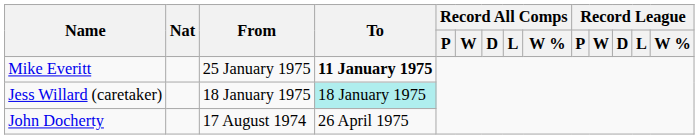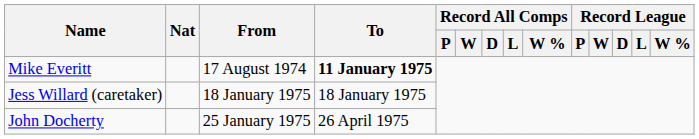 <table style="text-align: center" class="wikitable">
 <tr>
 <th rowspan="2">Name</th>
 <th rowspan="2">Nat</th>
 <th rowspan="2">From</th>
 <th rowspan="2">To</th>
 <th colspan="5">Record All Comps</th>
 <th colspan="5">Record League</th>
 </tr>
 <tr>
 <th>P</th>
 <th>W</th>
 <th>D</th>
 <th>L</th>
 <th>W %</th>
 <th>P</th>
 <th>W</th>
 <th>D</th>
 <th>L</th>
 <th>W %</th>
 </tr>
 <tr>
 <td style="text-align:left;"><a href='#'>Mike Everitt</a></td>
 <td></td>
-<td style="text-align:left;">25 January 1975</td>
+<td style="text-align:left;">17 August 1974</td>
 <td style="text-align:left;"><strong>11 January 1975<br> </strong></td>
 </tr>
 <tr>
 <td style="text-align:left;"><a href='#'>Jess Willard</a> (caretaker)</td>
 <td></td>
 <td style="text-align:left;">18 January 1975</td>
-<td style="background: paleturquoise; text-align:left;">18 January 1975<br> </td>
+<td style="text-align:left;">18 January 1975<br> </td>
 </tr>
 <tr>
 <td style="text-align:left;"><a href='#'>John Docherty</a></td>
 <td></td>
-<td style="text-align:left;">17 August 1974</td>
+<td style="text-align:left;">25 January 1975</td>
 <td style="text-align:left;">26 April 1975<br> </td>
 </tr>
 </table>
